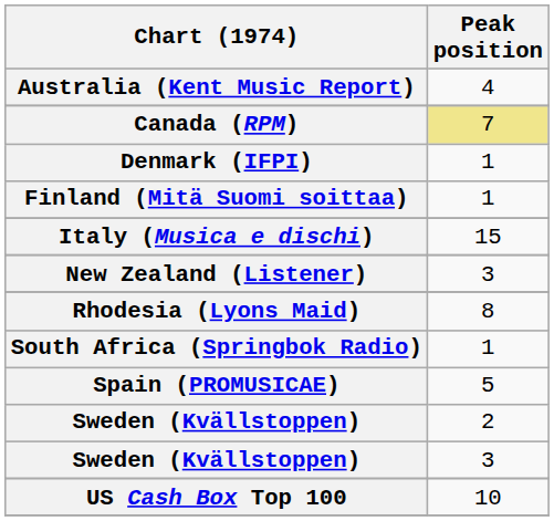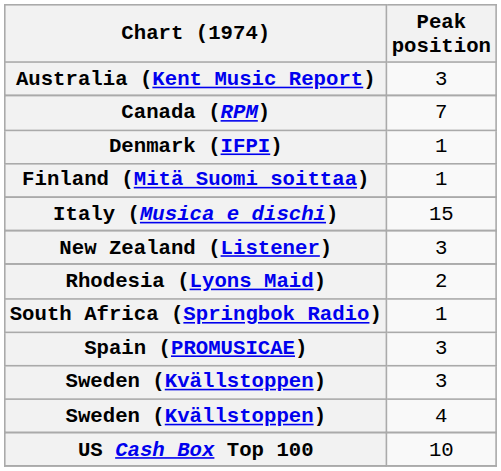 <table class="wikitable sortable plainrowheaders" style="text-align:center">
 <tr>
 <th>Chart (1974)</th>
 <th>Peak<br>position</th>
 </tr>
 <tr>
 <th scope="row">Australia (<a href='#'>Kent Music Report</a>)</th>
-<td>4</td>
+<td>3</td>
 </tr>
 <tr>
 </tr>
 <tr>
 </tr>
 <tr>
 </tr>
 <tr>
 <th scope="row">Canada (<em><a href='#'>RPM</a></em>)</th>
-<td style="background: khaki;">7</td>
+<td>7</td>
 </tr>
 <tr>
 <th scope="row">Denmark (<a href='#'>IFPI</a>)</th>
 <td>1</td>
 </tr>
 <tr>
 <th scope=row>Finland (<a href='#'>Mitä Suomi soittaa</a>)</th>
 <td>1</td>
 </tr>
 <tr>
 </tr>
 <tr>
 <th scope="row">Italy (<em><a href='#'>Musica e dischi</a></em>)</th>
 <td>15</td>
 </tr>
 <tr>
 </tr>
 <tr>
 </tr>
 <tr>
 <th scope="row">New Zealand (<a href='#'>Listener</a>)</th>
 <td>3</td>
 </tr>
 <tr>
 </tr>
 <tr>
 <th scope="row">Rhodesia (<a href='#'>Lyons Maid</a>)</th>
-<td>8</td>
+<td>2</td>
 </tr>
 <tr>
 <th scope="row">South Africa (<a href='#'>Springbok Radio</a>)</th>
 <td>1</td>
 </tr>
 <tr>
 <th scope="row">Spain (<a href='#'>PROMUSICAE</a>)</th>
-<td>5</td>
-</tr>
-<tr>
-<th scope="row">Sweden (<a href='#'>Kvällstoppen</a>)<br><em></em></th>
-<td>2</td>
+<td>3</td>
 </tr>
 <tr>
 <th scope="row">Sweden (<a href='#'>Kvällstoppen</a>)<br><em></em></th>
 <td>3</td>
+</tr>
+<tr>
+<th scope="row">Sweden (<a href='#'>Kvällstoppen</a>)<br><em></em></th>
+<td>4</td>
 </tr>
 <tr>
 </tr>
 <tr>
 </tr>
 <tr>
 </tr>
 <tr>
 <th scope="row">US <a href='#'><em>Cash Box</em></a> Top 100</th>
 <td>10</td>
 </tr>
 <tr>
 </tr>
 </table>
